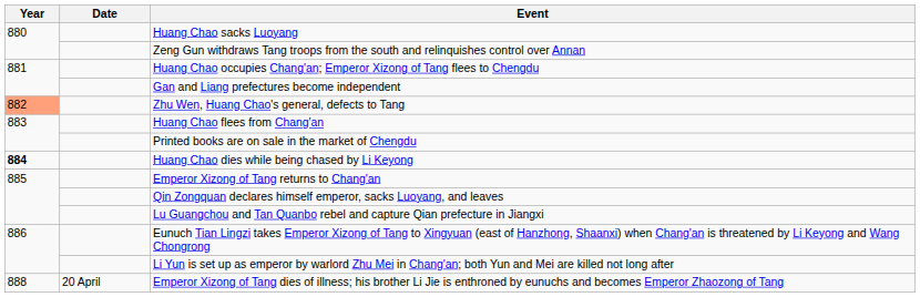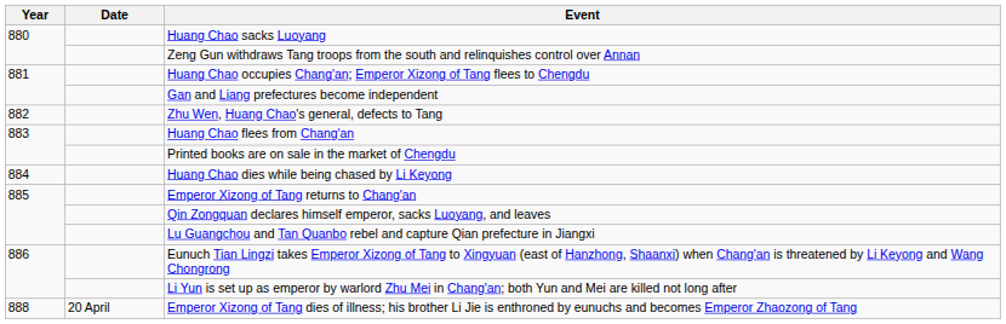 <table class="wikitable" width="100%">
 <tr>
 <th style="width:6%">Year</th>
 <th style="width:10%">Date</th>
 <th>Event</th>
 </tr>
 <tr>
 <td rowspan="2" valign="top">880</td>
 <td></td>
 <td><a href='#'>Huang Chao</a> sacks <a href='#'>Luoyang</a></td>
 </tr>
 <tr>
 <td></td>
 <td>Zeng Gun withdraws Tang troops from the south and relinquishes control over <a href='#'>Annan</a></td>
 </tr>
 <tr>
 <td rowspan="2" valign="top">881</td>
 <td></td>
 <td><a href='#'>Huang Chao</a> occupies <a href='#'>Chang'an</a>; <a href='#'>Emperor Xizong of Tang</a> flees to <a href='#'>Chengdu</a></td>
 </tr>
 <tr>
 <td></td>
 <td><a href='#'>Gan</a> and <a href='#'>Liang</a> prefectures become independent</td>
 </tr>
 <tr>
-<td style="background: lightsalmon;">882</td>
+<td>882</td>
 <td></td>
 <td><a href='#'>Zhu Wen</a>, <a href='#'>Huang Chao</a>'s general, defects to Tang</td>
 </tr>
 <tr>
 <td rowspan="2" valign="top">883</td>
 <td></td>
 <td><a href='#'>Huang Chao</a> flees from <a href='#'>Chang'an</a></td>
 </tr>
 <tr>
 <td></td>
 <td>Printed books are on sale in the market of <a href='#'>Chengdu</a></td>
 </tr>
 <tr>
-<td><strong>884</strong></td>
+<td>884</td>
 <td></td>
 <td><a href='#'>Huang Chao</a> dies while being chased by <a href='#'>Li Keyong</a></td>
 </tr>
 <tr>
 <td rowspan="3" valign="top">885</td>
 <td></td>
 <td><a href='#'>Emperor Xizong of Tang</a> returns to <a href='#'>Chang'an</a></td>
 </tr>
 <tr>
 <td></td>
 <td><a href='#'>Qin Zongquan</a> declares himself emperor, sacks <a href='#'>Luoyang</a>, and leaves</td>
 </tr>
 <tr>
 <td></td>
 <td><a href='#'>Lu Guangchou</a> and <a href='#'>Tan Quanbo</a> rebel and capture Qian prefecture in Jiangxi</td>
 </tr>
 <tr>
 <td rowspan="2" valign="top">886</td>
 <td></td>
 <td>Eunuch <a href='#'>Tian Lingzi</a> takes <a href='#'>Emperor Xizong of Tang</a> to <a href='#'>Xingyuan</a> (east of <a href='#'>Hanzhong</a>, <a href='#'>Shaanxi</a>) when <a href='#'>Chang'an</a> is threatened by <a href='#'>Li Keyong</a> and <a href='#'>Wang Chongrong</a></td>
 </tr>
 <tr>
 <td></td>
 <td><a href='#'>Li Yun</a> is set up as emperor by warlord <a href='#'>Zhu Mei</a> in <a href='#'>Chang'an</a>; both Yun and Mei are killed not long after</td>
 </tr>
 <tr>
 <td>888</td>
 <td>20 April</td>
 <td><a href='#'>Emperor Xizong of Tang</a> dies of illness; his brother Li Jie is enthroned by eunuchs and becomes  <a href='#'>Emperor Zhaozong of Tang</a></td>
 </tr>
 </table>
